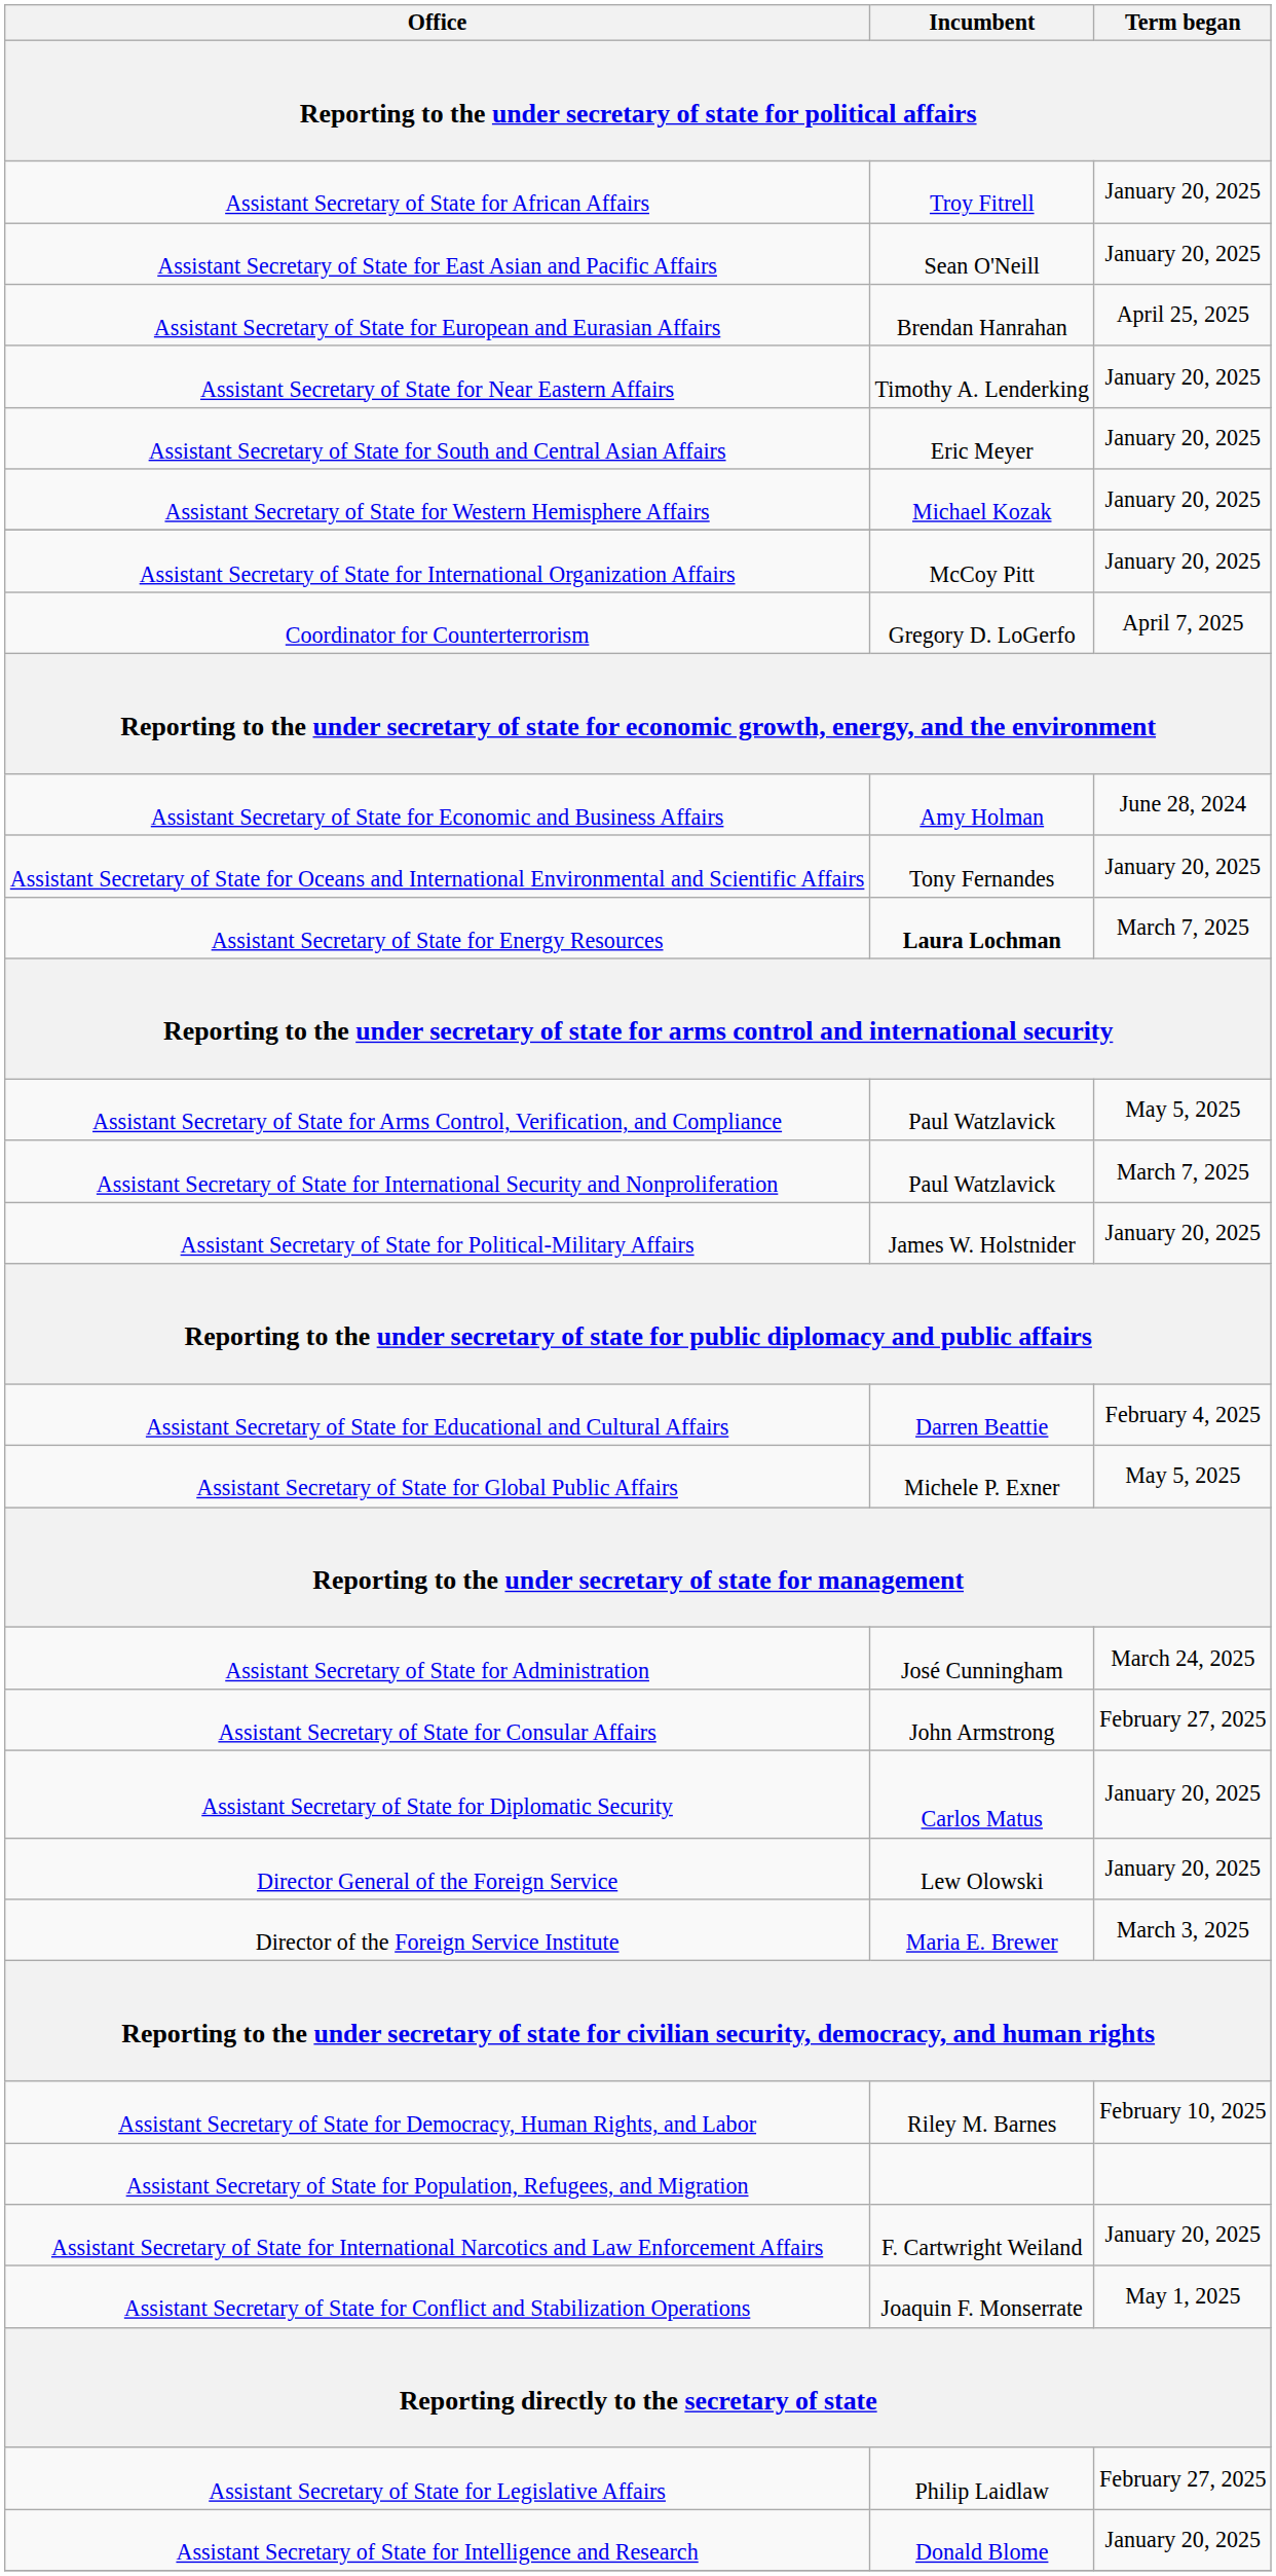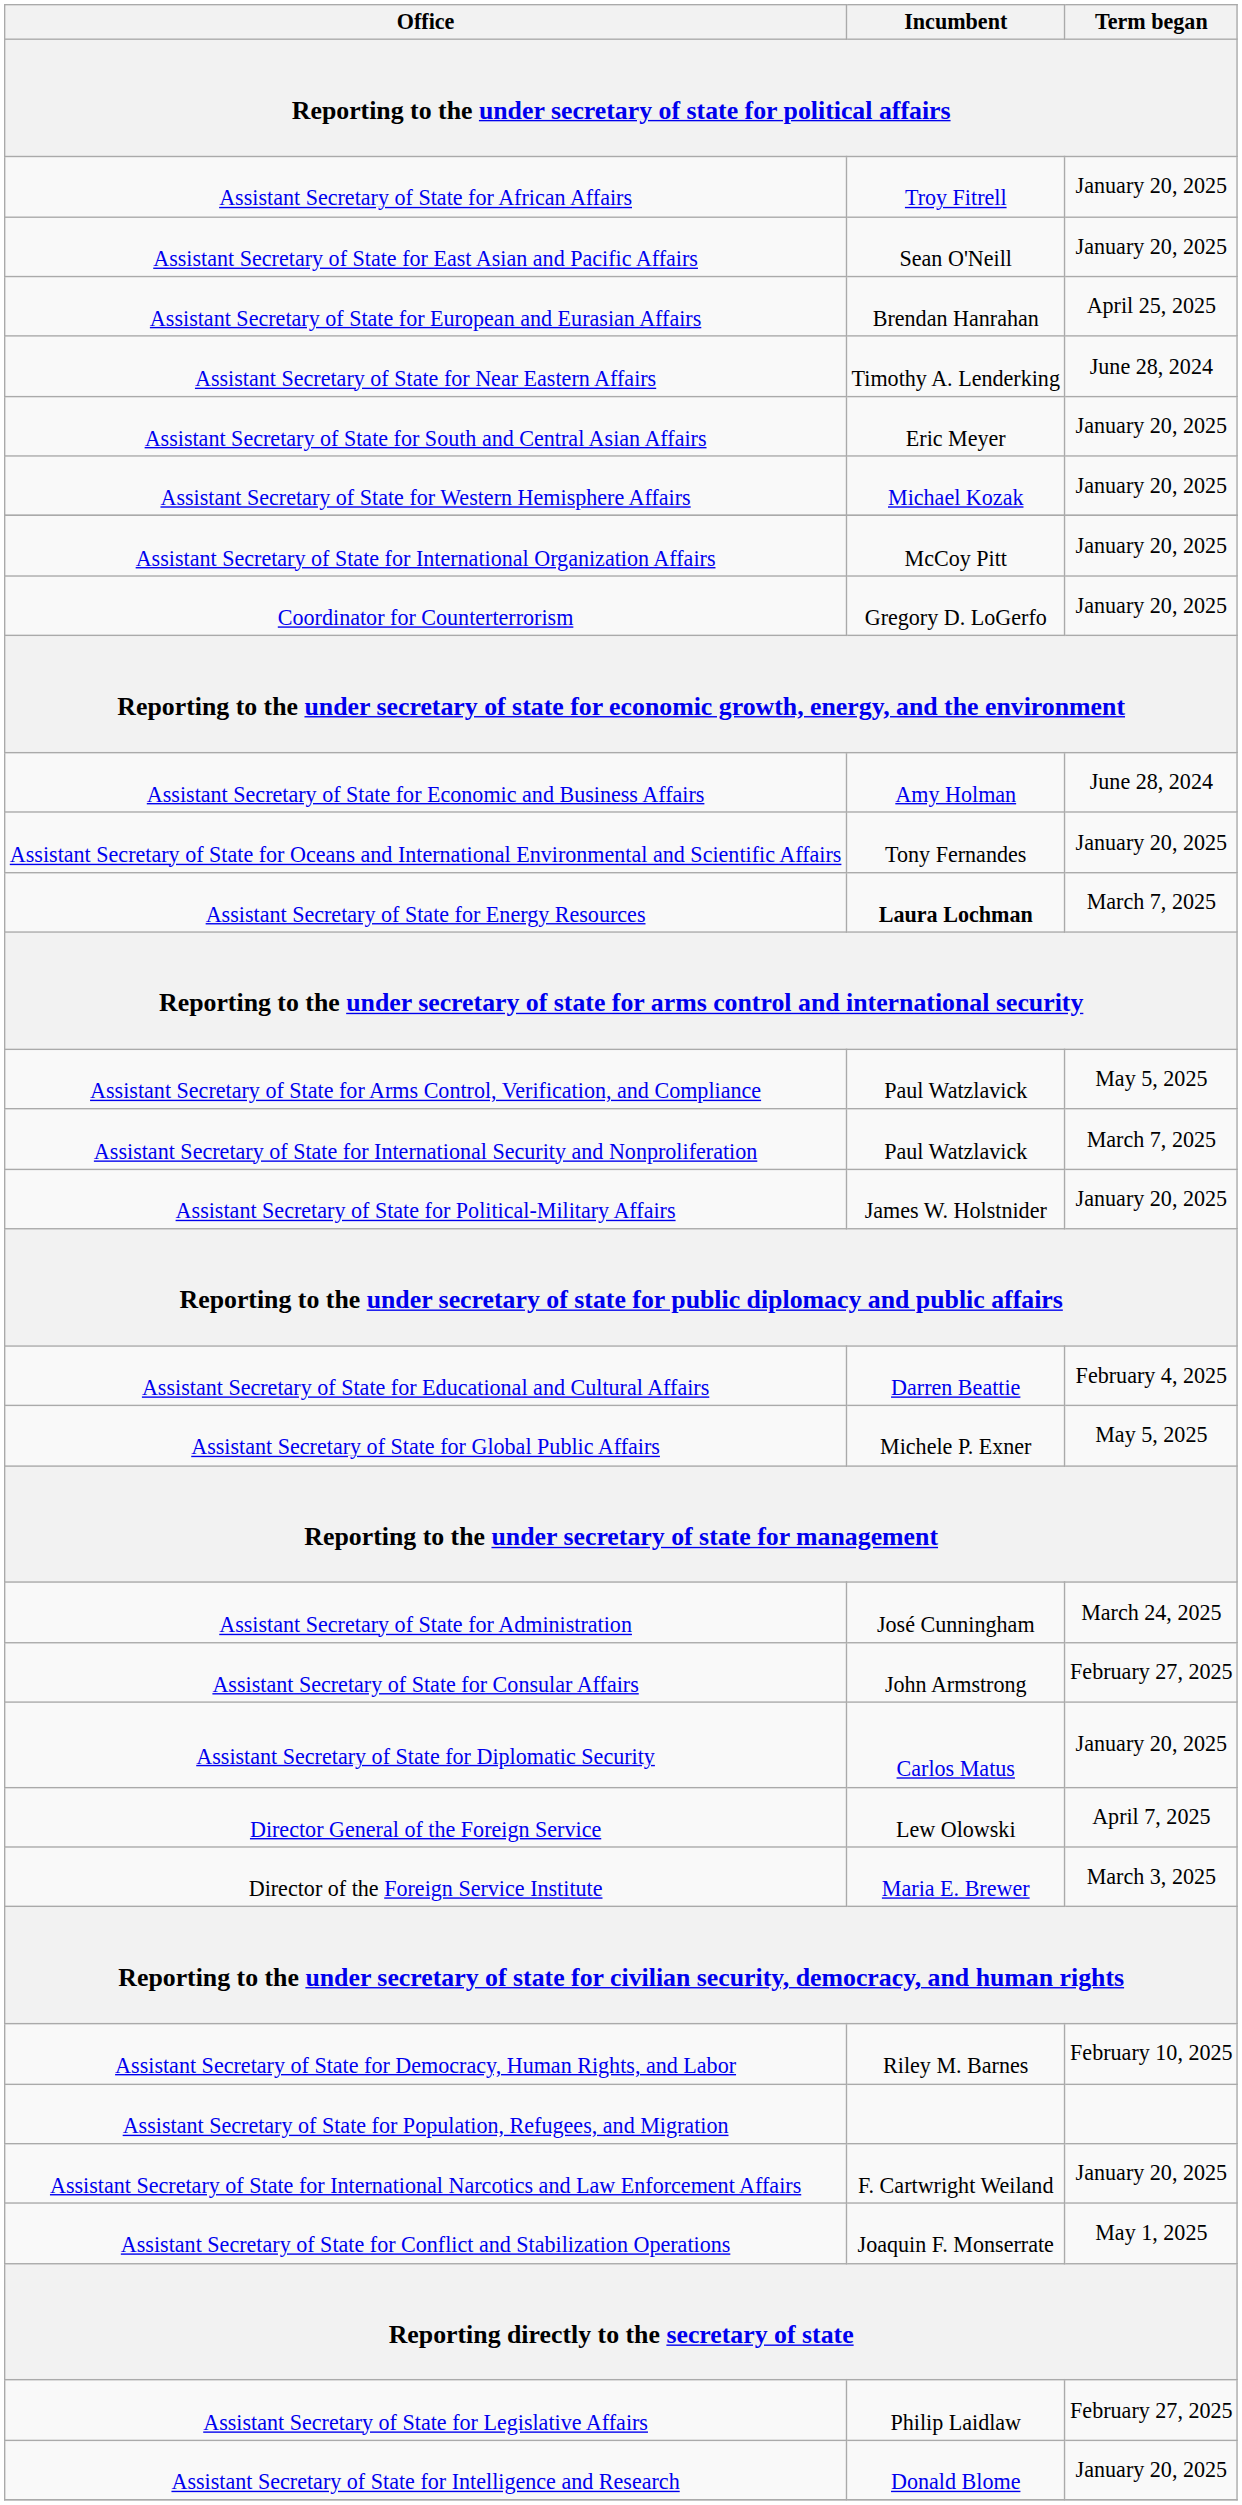 <table class="wikitable sortable" style="text-align:center">
 <tr>
 <th>Office</th>
 <th>Incumbent</th>
 <th data-sort-type="date">Term began</th>
 </tr>
 <tr>
 <th colspan="3"><br><h3>Reporting to the <a href='#'>under secretary of state for political affairs</a></h3></th>
 </tr>
 <tr>
 <td data-sort-value="Assistant Secretary for African Affairs"><br><a href='#'>Assistant Secretary of State for African Affairs</a><br></td>
 <td data-sort-value="Fitrell, Troy" align="center"><br><a href='#'>Troy Fitrell</a></td>
 <td>January 20, 2025<br></td>
 </tr>
 <tr>
 <td data-sort-value="Assistant Secretary for East Asian and Pacific Affairs"><br><a href='#'>Assistant Secretary of State for East Asian and Pacific Affairs</a><br></td>
 <td data-sort-value="O'Neill, Sean" align="center"><br>Sean O'Neill</td>
 <td>January 20, 2025<br></td>
 </tr>
 <tr>
 <td data-sort-value="Assistant Secretary for European and Eurasian Affairs"><br><a href='#'>Assistant Secretary of State for European and Eurasian Affairs</a><br></td>
 <td data-sort-value="Hanrahan, Brendan" align="center"><br>Brendan Hanrahan</td>
 <td>April 25, 2025<br></td>
 </tr>
 <tr>
 <td data-sort-value="Assistant Secretary for Near Eastern Affairs"><br><a href='#'>Assistant Secretary of State for Near Eastern Affairs</a><br></td>
 <td data-sort-value="Lenderking, Timothy A." align="center"><br>Timothy A. Lenderking</td>
-<td>January 20, 2025<br></td>
+<td>June 28, 2024<br></td>
 </tr>
 <tr>
 <td data-sort-value="Assistant Secretary for South and Central Asian Affairs"><br><a href='#'>Assistant Secretary of State for South and Central Asian Affairs</a><br></td>
 <td data-sort-value="Meyer, Eric" align="center"><br>Eric Meyer</td>
 <td>January 20, 2025<br></td>
 </tr>
 <tr>
 <td data-sort-value="Assistant Secretary for Western Hemisphere Affairs"><br><a href='#'>Assistant Secretary of State for Western Hemisphere Affairs</a><br></td>
 <td data-sort-value="Kozak, Michael" align="center"><br><a href='#'>Michael Kozak</a></td>
 <td>January 20, 2025<br></td>
 </tr>
 <tr>
 </tr>
 <tr>
 <td data-sort-value="Assistant Secretary for International Organization Affairs"><br><a href='#'>Assistant Secretary of State for International Organization Affairs</a><br></td>
 <td data-sort-value="Pitt, McCoy" align="center"><br>McCoy Pitt</td>
 <td>January 20, 2025<br></td>
 </tr>
 <tr>
 <td data-sort-value="Coordinator for Counterterrorism"><br><a href='#'>Coordinator for Counterterrorism</a><br></td>
 <td data-sort-value="LoGerfo, Gregory D." align="center"><br>Gregory D. LoGerfo</td>
-<td>April 7, 2025<br></td>
+<td>January 20, 2025<br></td>
 </tr>
 <tr>
 <th colspan="3"><br><h3>Reporting to the <a href='#'>under secretary of state for economic growth, energy, and the environment</a></h3></th>
 </tr>
 <tr>
 <td data-sort-value="Assistant Secretary for Economic Affairs"><br><a href='#'>Assistant Secretary of State for Economic and Business Affairs</a><br></td>
 <td data-sort-value="Holman, Amy" align="center"><br><a href='#'>Amy Holman</a></td>
 <td>June 28, 2024<br></td>
 </tr>
 <tr>
 <td data-sort-value="Assistant Secretary for Oceans and International Environmental and Scientific Affairs"><br><a href='#'>Assistant Secretary of State for Oceans and International Environmental and Scientific Affairs</a><br></td>
 <td data-sort-value="Fernandes, Tony" align="center"><br>Tony Fernandes</td>
 <td>January 20, 2025<br></td>
 </tr>
 <tr>
 <td data-sort-value="Assistant Secretary for  Energy Resources"><br><a href='#'>Assistant Secretary of State for Energy Resources</a><br></td>
 <td data-sort-value="Lochman, Laura" align="center"><strong><br>Laura Lochman</strong></td>
 <td>March 7, 2025<br></td>
 </tr>
 <tr>
 <th colspan="3"><br><h3>Reporting to the <a href='#'>under secretary of state for arms control and international security</a></h3></th>
 </tr>
 <tr>
 <td data-sort-value="Assistant Secretary for Arms Control, Verification, and Compliance"><br><a href='#'>Assistant Secretary of State for Arms Control, Verification, and Compliance</a><br></td>
 <td data-sort-value="Watzlavick, Paul" align="center"><br>Paul Watzlavick</td>
 <td>May 5, 2025<br></td>
 </tr>
 <tr>
 <td data-sort-value="Assistant Secretary for International Security and Nonproliferation"><br><a href='#'>Assistant Secretary of State for International Security and Nonproliferation</a><br></td>
 <td data-sort-value="Watzlavick, Paul" align="center"><br>Paul Watzlavick</td>
 <td>March 7, 2025<br></td>
 </tr>
 <tr>
 <td data-sort-value="Assistant Secretary for Political-Military Affairs"><br><a href='#'>Assistant Secretary of State for Political-Military Affairs</a><br></td>
 <td data-sort-value="Holstnider, James W. " align="center"><br>James W. Holstnider</td>
 <td>January 20, 2025<br></td>
 </tr>
 <tr>
 <th colspan="3"><br><h3>Reporting to the <a href='#'>under secretary of state for public diplomacy and public affairs</a></h3></th>
 </tr>
 <tr>
 <td data-sort-value="Assistant Secretary for Educational and Cultural Affairs"><br><a href='#'>Assistant Secretary of State for Educational and Cultural Affairs</a><br></td>
 <td data-sort-value="Beattie, Darren" align="center"><br><a href='#'>Darren Beattie</a></td>
 <td>February 4, 2025<br></td>
 </tr>
 <tr>
 <td data-sort-value="Assistant Secretary for Global Public Affairs"><br><a href='#'>Assistant Secretary of State for Global Public Affairs</a><br></td>
 <td data-sort-value="Exner, Michele P." align="center"><br>Michele P. Exner</td>
 <td>May 5, 2025<br></td>
 </tr>
 <tr>
 <th colspan="3"><br><h3>Reporting to the <a href='#'>under secretary of state for management</a></h3></th>
 </tr>
 <tr>
 <td data-sort-value="Assistant Secretary for Administration"><br><a href='#'>Assistant Secretary of State for Administration</a><br></td>
 <td data-sort-value="Cunnigham, José" align="center"><br>José Cunningham</td>
 <td>March 24, 2025</td>
 </tr>
 <tr>
 <td data-sort-value="Assistant Secretary for Consular Affairs"><br><a href='#'>Assistant Secretary of State for Consular Affairs</a><br></td>
 <td data-sort-value=" Armstrong, John" align="center"><br>John Armstrong</td>
 <td>February 27, 2025<br></td>
 </tr>
 <tr>
 <td data-sort-value="Assistant Secretary for Diplomatic Security"><br><a href='#'>Assistant Secretary of State for Diplomatic Security</a><br></td>
 <td data-sort-value="Matus, Carlos" align="center"><br><br><a href='#'>Carlos Matus</a></td>
 <td>January 20, 2025<br></td>
 </tr>
 <tr>
 <td data-sort-value="Director of Human Resources"><br><a href='#'>Director General of the Foreign Service</a><br></td>
 <td data-sort-value="Olowski, Lew" align="center"><br>Lew Olowski</td>
-<td>January 20, 2025<br></td>
+<td>April 7, 2025<br></td>
 </tr>
 <tr>
 <td data-sort-value="Director of Foreign Service Institute"><br>Director of the <a href='#'>Foreign Service Institute</a><br></td>
 <td data-sort-value="Brewer, Maria E." align="center"><br><a href='#'>Maria E. Brewer</a></td>
 <td>March 3, 2025<br></td>
 </tr>
 <tr>
 <th colspan="3"><br><h3>Reporting to the <a href='#'>under secretary of state for civilian security, democracy, and human rights</a></h3></th>
 </tr>
 <tr>
 <td data-sort-value="Assistant Secretary for Democracy, Human Rights, and Labor"><br><a href='#'>Assistant Secretary of State for Democracy, Human Rights, and Labor</a><br></td>
 <td data-sort-value="Barnes, Riley M.," align="center"><br>Riley M. Barnes</td>
 <td>February 10, 2025<br></td>
 </tr>
 <tr>
 <td data-sort-value="Assistant Secretary for Population, Refugees, and Migration"><br><a href='#'>Assistant Secretary of State for Population, Refugees, and Migration</a><br></td>
 <td></td>
 <td></td>
 </tr>
 <tr>
 <td data-sort-value="Assistant Secretary for International Narcotics and Law Enforcement"><br><a href='#'>Assistant Secretary of State for International Narcotics and Law Enforcement Affairs</a><br></td>
 <td data-sort-value="Weiland, F. Cartwright," align="center"><br>F. Cartwright Weiland</td>
 <td>January 20, 2025<br></td>
 </tr>
 <tr>
 <td data-sort-value="Assistant Secretary for Conflict and Stabilization Operations"><br><a href='#'>Assistant Secretary of State for Conflict and Stabilization Operations</a><br></td>
 <td data-sort-value="Monserrate, Joaquin F.," align="center"><br> Joaquin F. Monserrate</td>
 <td>May 1, 2025<br></td>
 </tr>
 <tr>
 <th colspan="3"><br><h3>Reporting directly to the <a href='#'>secretary of state</a></h3></th>
 </tr>
 <tr>
 <td data-sort-value="Assistant Secretary for Legislative Affairs"><br><a href='#'>Assistant Secretary of State for Legislative Affairs</a><br></td>
 <td data-sort-value="Laidlaw, Philip" align="center"><br>Philip Laidlaw</td>
 <td>February 27, 2025<br></td>
 </tr>
 <tr>
 <td data-sort-value="Assistant Secretary for Intelligence and Research"><br><a href='#'>Assistant Secretary of State for Intelligence and Research</a><br></td>
 <td data-sort-value="Blome, Donald" align="center"><br><a href='#'>Donald Blome</a></td>
 <td>January 20, 2025<br></td>
 </tr>
 <tr>
 </tr>
 </table>
